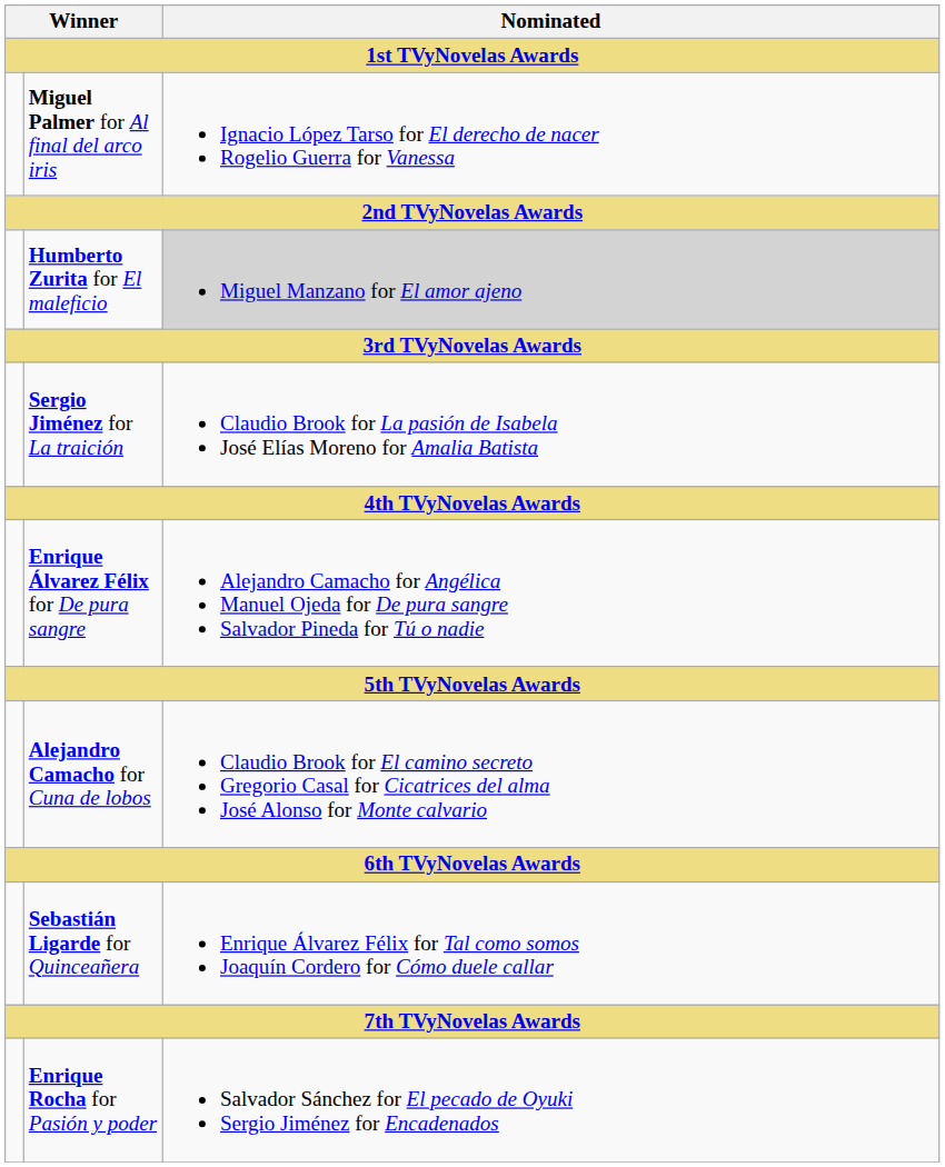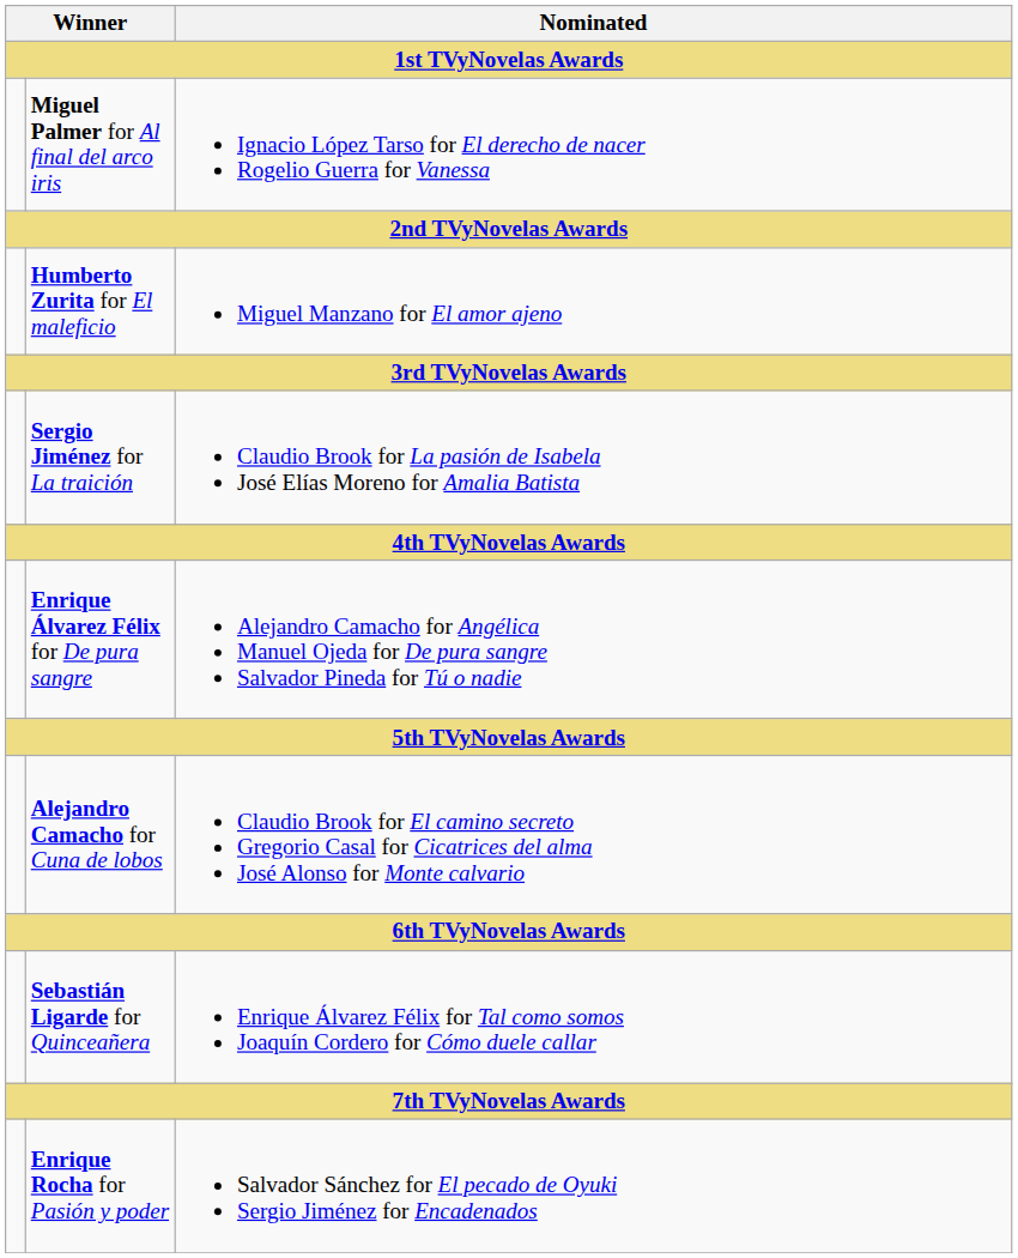 <table class="wikitable" width=80%>
 <tr align=center>
 <th width="150px;" colspan=2; align="center">Winner</th>
 <th width="580px;" align="center">Nominated</th>
 </tr>
 <tr>
 <th colspan=9 style="background:#EEDD82;"  align="center"><strong><a href='#'>1st TVyNovelas Awards</a></strong></th>
 </tr>
 <tr>
 <td width=2%></td>
 <td><strong>Miguel Palmer</strong> for <em><a href='#'>Al final del arco iris</a></em></td>
 <td><br><ul><li><a href='#'>Ignacio López Tarso</a> for <em><a href='#'>El derecho de nacer</a></em></li><li><a href='#'>Rogelio Guerra</a> for <em><a href='#'>Vanessa</a></em></li></ul></td>
 </tr>
 <tr>
 <th colspan=9 style="background:#EEDD82;"  align="center"><strong><a href='#'>2nd TVyNovelas Awards</a></strong></th>
 </tr>
 <tr>
 <td width=2%></td>
 <td><strong><a href='#'>Humberto Zurita</a></strong> for <em><a href='#'>El maleficio</a></em></td>
-<td style="background: lightgrey;"><br><ul><li><a href='#'>Miguel Manzano</a> for <em><a href='#'>El amor ajeno</a></em></li></ul></td>
+<td><br><ul><li><a href='#'>Miguel Manzano</a> for <em><a href='#'>El amor ajeno</a></em></li></ul></td>
 </tr>
 <tr>
 <th colspan=9 style="background:#EEDD82;"  align="center"><strong><a href='#'>3rd TVyNovelas Awards</a></strong></th>
 </tr>
 <tr>
 <td width=2%></td>
 <td><strong><a href='#'>Sergio Jiménez</a></strong> for <em><a href='#'>La traición</a></em></td>
 <td><br><ul><li><a href='#'>Claudio Brook</a> for <em><a href='#'>La pasión de Isabela</a></em></li><li>José Elías Moreno for <em><a href='#'>Amalia Batista</a></em></li></ul></td>
 </tr>
 <tr>
 <th colspan=9 style="background:#EEDD82;"  align="center"><strong><a href='#'>4th TVyNovelas Awards</a></strong></th>
 </tr>
 <tr>
 <td width=2%></td>
 <td><strong><a href='#'>Enrique Álvarez Félix</a></strong> for <em><a href='#'>De pura sangre</a></em></td>
 <td><br><ul><li><a href='#'>Alejandro Camacho</a> for <em><a href='#'>Angélica</a></em></li><li><a href='#'>Manuel Ojeda</a> for <em><a href='#'>De pura sangre</a></em></li><li><a href='#'>Salvador Pineda</a> for <em><a href='#'>Tú o nadie</a></em></li></ul></td>
 </tr>
 <tr>
 <th colspan=9 style="background:#EEDD82;"  align="center"><strong><a href='#'>5th TVyNovelas Awards</a></strong></th>
 </tr>
 <tr>
 <td width=2%></td>
 <td><strong><a href='#'>Alejandro Camacho</a></strong> for <em><a href='#'>Cuna de lobos</a></em></td>
 <td><br><ul><li><a href='#'>Claudio Brook</a> for <em><a href='#'>El camino secreto</a></em></li><li><a href='#'>Gregorio Casal</a> for <em><a href='#'>Cicatrices del alma</a></em></li><li><a href='#'>José Alonso</a> for <em><a href='#'>Monte calvario</a></em></li></ul></td>
 </tr>
 <tr>
 <th colspan=9 style="background:#EEDD82;"  align="center"><strong><a href='#'>6th TVyNovelas Awards</a></strong></th>
 </tr>
 <tr>
 <td width=2%></td>
 <td><strong><a href='#'>Sebastián Ligarde</a></strong> for <em><a href='#'>Quinceañera</a></em></td>
 <td><br><ul><li><a href='#'>Enrique Álvarez Félix</a> for <em><a href='#'>Tal como somos</a></em></li><li><a href='#'>Joaquín Cordero</a> for <em><a href='#'>Cómo duele callar</a></em></li></ul></td>
 </tr>
 <tr>
 <th colspan=9 style="background:#EEDD82;"  align="center"><strong><a href='#'>7th TVyNovelas Awards</a></strong></th>
 </tr>
 <tr>
 <td width=2%></td>
 <td><strong><a href='#'>Enrique Rocha</a></strong> for <em><a href='#'>Pasión y poder</a></em></td>
 <td><br><ul><li>Salvador Sánchez for <em><a href='#'>El pecado de Oyuki</a></em></li><li><a href='#'>Sergio Jiménez</a> for <em><a href='#'>Encadenados</a></em></li></ul></td>
 </tr>
 </table>
